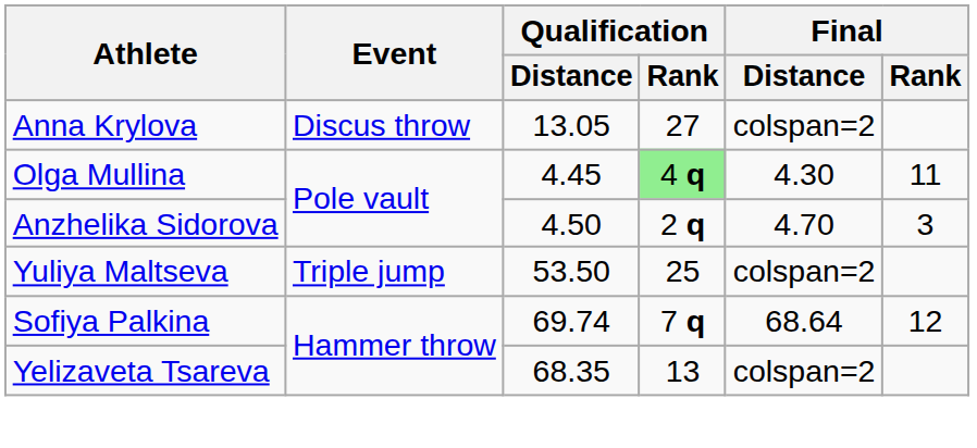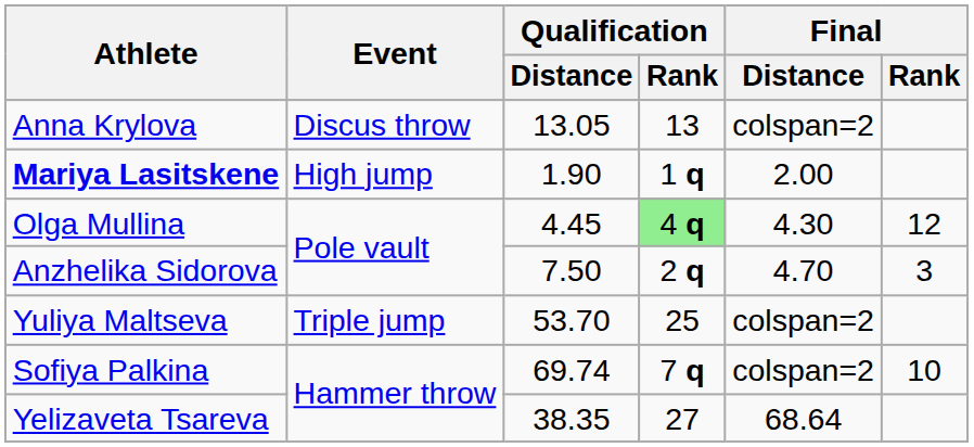 <table class="wikitable" style="font-size:90%">
 <tr>
 <th rowspan=2>Athlete</th>
 <th rowspan=2>Event</th>
 <th colspan=2>Qualification</th>
 <th colspan=2>Final</th>
 </tr>
 <tr style="font-size:95%">
 <th>Distance</th>
 <th>Rank</th>
 <th>Distance</th>
 <th>Rank</th>
 </tr>
 <tr align=center>
 <td align=left><a href='#'>Anna Krylova</a></td>
 <td align=left><a href='#'>Discus throw</a></td>
 <td>13.05</td>
-<td>27</td>
+<td>13</td>
 <td>colspan=2 </td>
+</tr>
+<tr align=center>
+<td align=left><strong><a href='#'>Mariya Lasitskene</a></strong></td>
+<td align=left><a href='#'>High jump</a></td>
+<td>1.90</td>
+<td>1 <strong>q</strong></td>
+<td>2.00</td>
+<td></td>
 </tr>
 <tr align=center>
 <td align=left><a href='#'>Olga Mullina</a></td>
 <td rowspan=2 align=left><a href='#'>Pole vault</a></td>
 <td>4.45</td>
 <td style="background: lightgreen;">4 <strong>q</strong></td>
 <td>4.30</td>
-<td>11</td>
+<td>12</td>
 </tr>
 <tr align=center>
 <td align=left><a href='#'>Anzhelika Sidorova</a></td>
-<td>4.50</td>
+<td>7.50</td>
 <td>2 <strong>q</strong></td>
 <td>4.70</td>
 <td>3</td>
 </tr>
 <tr align=center>
 <td align=left><a href='#'>Yuliya Maltseva</a></td>
 <td align=left><a href='#'>Triple jump</a></td>
-<td>53.50</td>
+<td>53.70</td>
 <td>25</td>
 <td>colspan=2 </td>
 </tr>
 <tr align=center>
 <td align=left><a href='#'>Sofiya Palkina</a></td>
 <td rowspan=2><a href='#'>Hammer throw</a></td>
 <td>69.74</td>
 <td>7 <strong>q</strong></td>
-<td>68.64</td>
-<td>12</td>
+<td>colspan=2 </td>
+<td>10</td>
 </tr>
 <tr align=center>
 <td align=left><a href='#'>Yelizaveta Tsareva</a></td>
-<td>68.35</td>
-<td>13</td>
-<td>colspan=2 </td>
+<td>38.35</td>
+<td>27</td>
+<td>68.64</td>
 </tr>
 </table>
